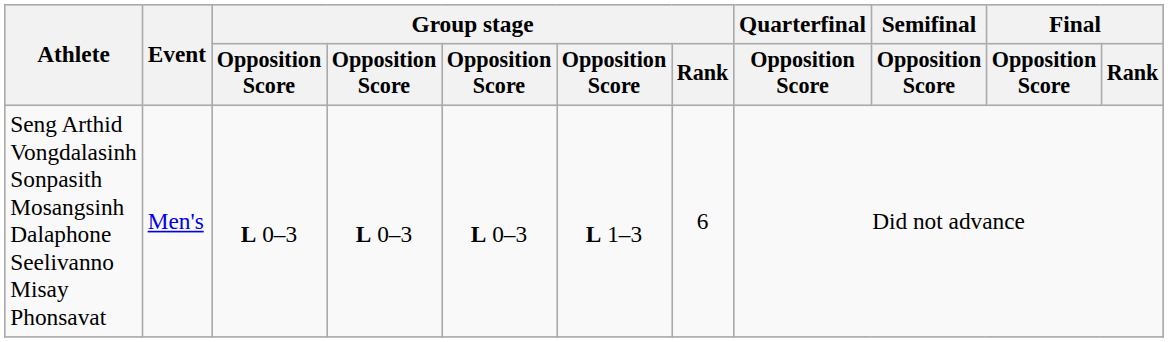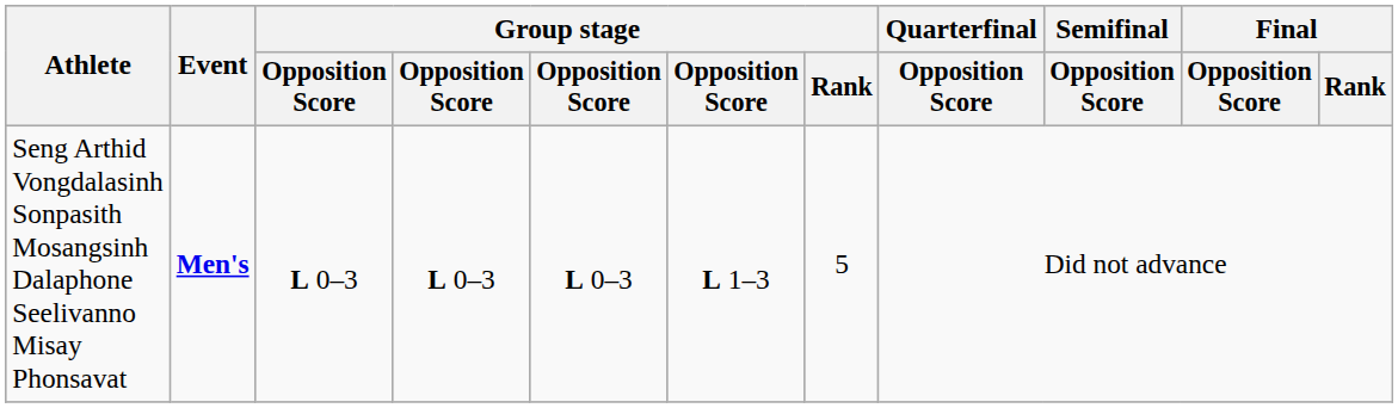 <table class=wikitable style=font-size:90%;text-align:center>
 <tr>
 <th rowspan="2">Athlete</th>
 <th rowspan="2">Event</th>
 <th colspan="5">Group stage</th>
 <th>Quarterfinal</th>
 <th>Semifinal</th>
 <th colspan="2">Final</th>
 </tr>
 <tr style="font-size:95%">
 <th>Opposition<br>Score</th>
 <th>Opposition<br>Score</th>
 <th>Opposition<br>Score</th>
 <th>Opposition<br>Score</th>
 <th>Rank</th>
 <th>Opposition<br>Score</th>
 <th>Opposition<br>Score</th>
 <th>Opposition<br>Score</th>
 <th>Rank</th>
 </tr>
 <tr>
 <td align=left>Seng Arthid Vongdalasinh<br>Sonpasith Mosangsinh<br>Dalaphone Seelivanno<br>Misay Phonsavat</td>
-<td align=left><a href='#'>Men's</a></td>
+<td align=left><strong><a href='#'>Men's</a></strong></td>
 <td><br><strong>L</strong> 0–3</td>
 <td><br><strong>L</strong> 0–3</td>
 <td><br><strong>L</strong> 0–3</td>
 <td><br><strong>L</strong> 1–3</td>
-<td>6</td>
+<td>5</td>
 <td colspan=4>Did not advance</td>
 </tr>
 </table>
